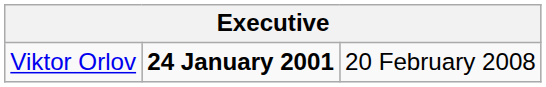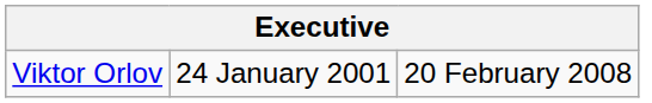 <table class="wikitable sortable">
 <tr>
 <th colspan=3>Executive</th>
 </tr>
 <tr>
 <td><a href='#'>Viktor Orlov</a></td>
-<td><strong>24 January 2001</strong></td>
+<td>24 January 2001</td>
 <td>20 February 2008</td>
 </tr>
 </table>
